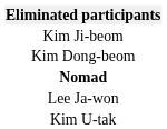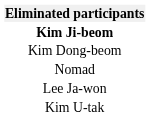 <table class="toccolours" align="right" style="margin:0 0 1em 1em;font-size:100%;text-align:center;background:transparent;">
 <tr style="border-bottom:solid 3px;">
 <th colspan="2" bgcolor="#f0f0f0">Eliminated participants</th>
 </tr>
 <tr align="center">
-<td>Kim Ji-beom</td>
+<td><strong>Kim Ji-beom</strong></td>
 </tr>
 <tr align=center>
 <td>Kim Dong-beom</td>
 </tr>
 <tr align=center>
-<td><strong>Nomad</strong></td>
+<td>Nomad</td>
 </tr>
 <tr align=center>
 <td>Lee Ja-won</td>
 </tr>
 <tr align=center>
 <td>Kim U-tak</td>
 </tr>
 </table>
